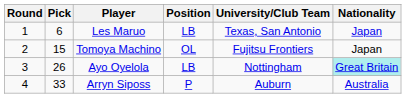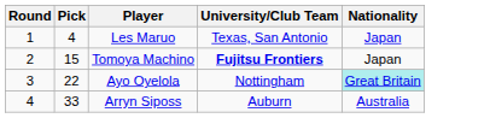 <table class="wikitable" style="font-size: 95%;">
 <tr>
 <th scope="col">Round</th>
 <th scope="col">Pick</th>
 <th scope="col">Player</th>
-<th scope="col">Position</th>
 <th scope="col">University/Club Team</th>
 <th scope="col">Nationality</th>
 </tr>
 <tr align="center">
 <td align=center>1</td>
-<td>6</td>
+<td>4</td>
 <td><a href='#'>Les Maruo</a></td>
-<td><a href='#'>LB</a></td>
 <td><a href='#'>Texas, San Antonio</a></td>
 <td> <a href='#'>Japan</a></td>
 </tr>
 <tr align="center">
 <td align=center>2</td>
 <td>15</td>
 <td><a href='#'>Tomoya Machino</a></td>
-<td><a href='#'>OL</a></td>
-<td><a href='#'>Fujitsu Frontiers</a></td>
+<td><strong><a href='#'>Fujitsu Frontiers</a></strong></td>
 <td> Japan</td>
 </tr>
 <tr align="center">
 <td align=center>3</td>
-<td>26</td>
+<td>22</td>
 <td><a href='#'>Ayo Oyelola</a></td>
-<td><a href='#'>LB</a></td>
 <td><a href='#'>Nottingham</a></td>
 <td style="background: paleturquoise;"> <a href='#'>Great Britain</a></td>
 </tr>
 <tr align="center">
 <td align=center>4</td>
 <td>33</td>
 <td><a href='#'>Arryn Siposs</a></td>
-<td><a href='#'>P</a></td>
 <td><a href='#'>Auburn</a></td>
 <td> <a href='#'>Australia</a></td>
 </tr>
 </table>
